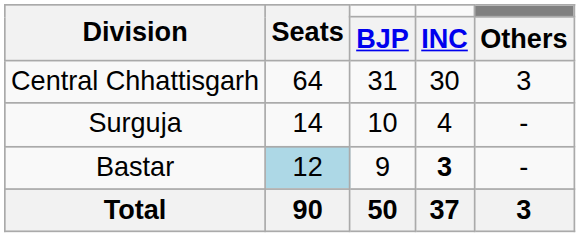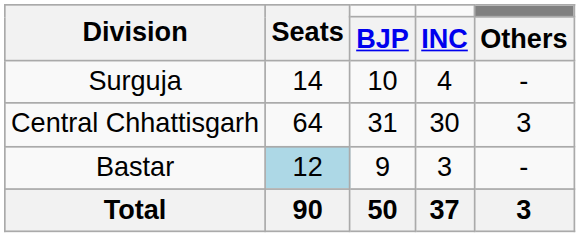 <table class="wikitable" style="text-align:center;">
 <tr>
 <th rowspan="2">Division</th>
 <th rowspan="2">Seats</th>
 <td></td>
 <td></td>
 <td style="background:grey;"></td>
 </tr>
 <tr>
 <th><a href='#'>BJP</a></th>
 <th><a href='#'>INC</a></th>
 <th>Others</th>
 </tr>
 <tr>
+<td>Surguja</td>
+<td>14</td>
+<td>10</td>
+<td>4</td>
+<td>-</td>
+</tr>
+<tr>
 <td>Central Chhattisgarh</td>
 <td>64</td>
 <td>31</td>
 <td>30</td>
 <td>3</td>
 </tr>
 <tr>
-<td>Surguja</td>
-<td>14</td>
-<td>10</td>
-<td>4</td>
-<td>-</td>
-</tr>
-<tr>
 <td>Bastar</td>
 <td style="background: lightblue;">12</td>
 <td>9</td>
-<td><strong>3</strong></td>
+<td>3</td>
 <td>-</td>
 </tr>
 <tr>
 <th>Total</th>
 <th>90</th>
 <th>50</th>
 <th>37</th>
 <th>3</th>
 </tr>
 </table>
